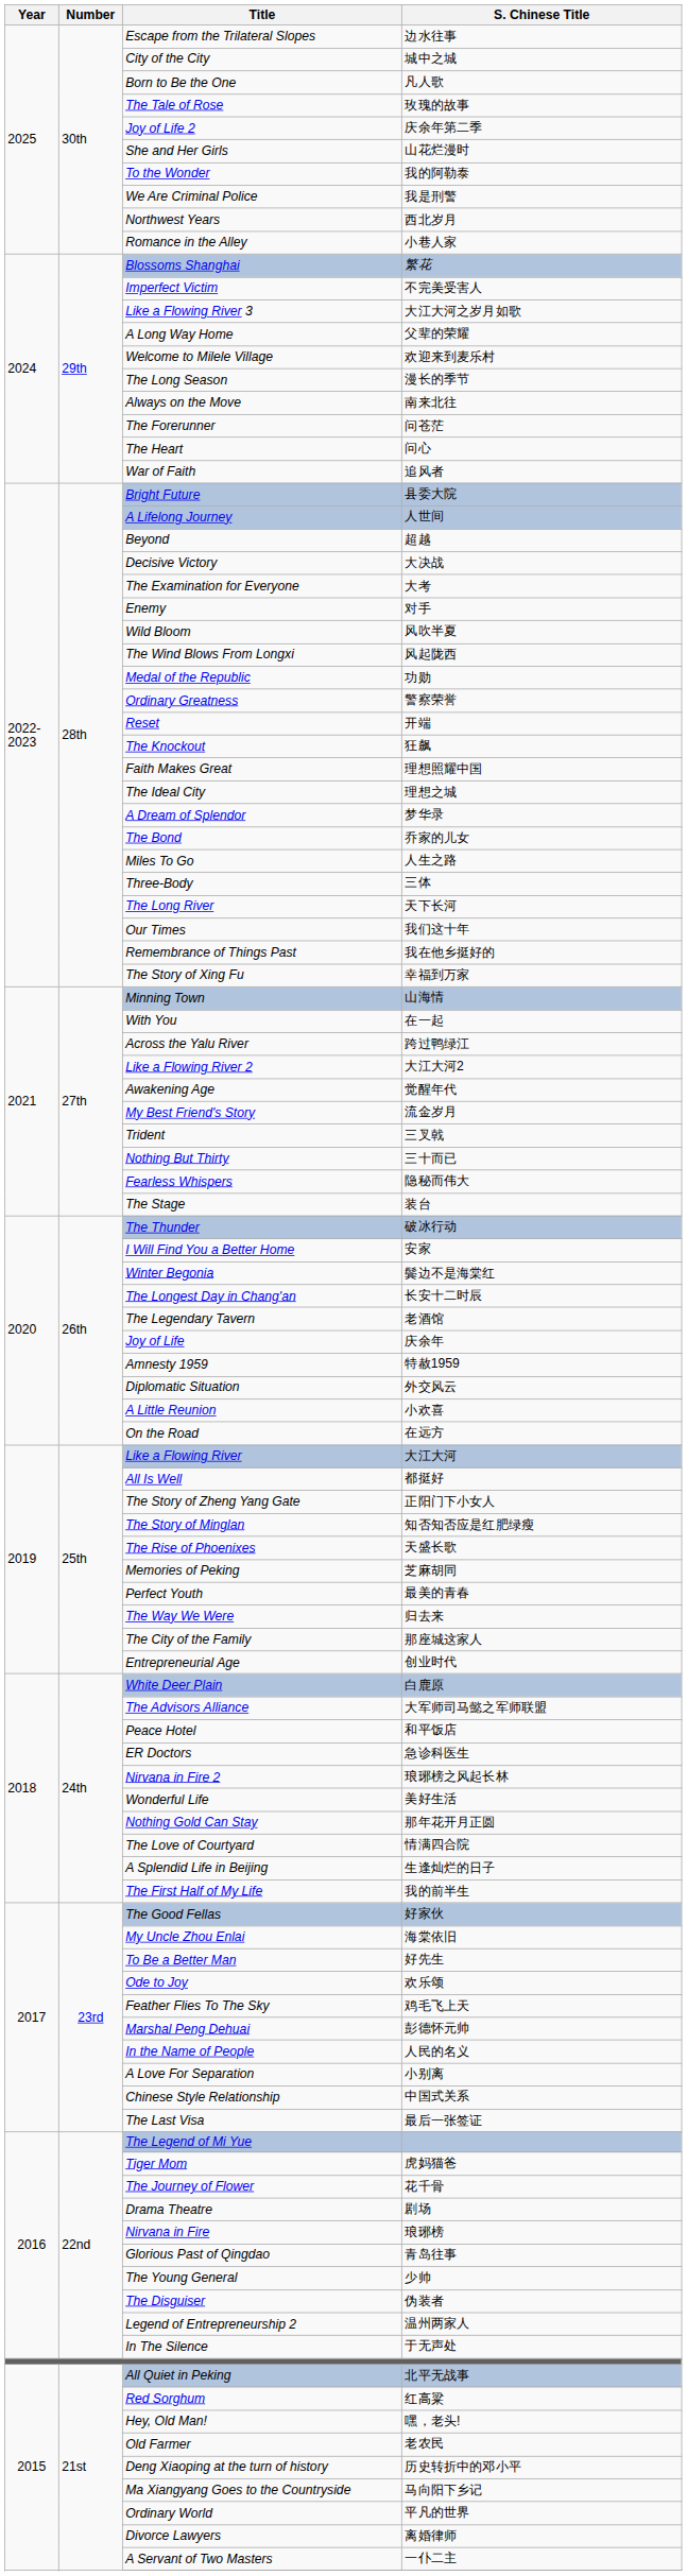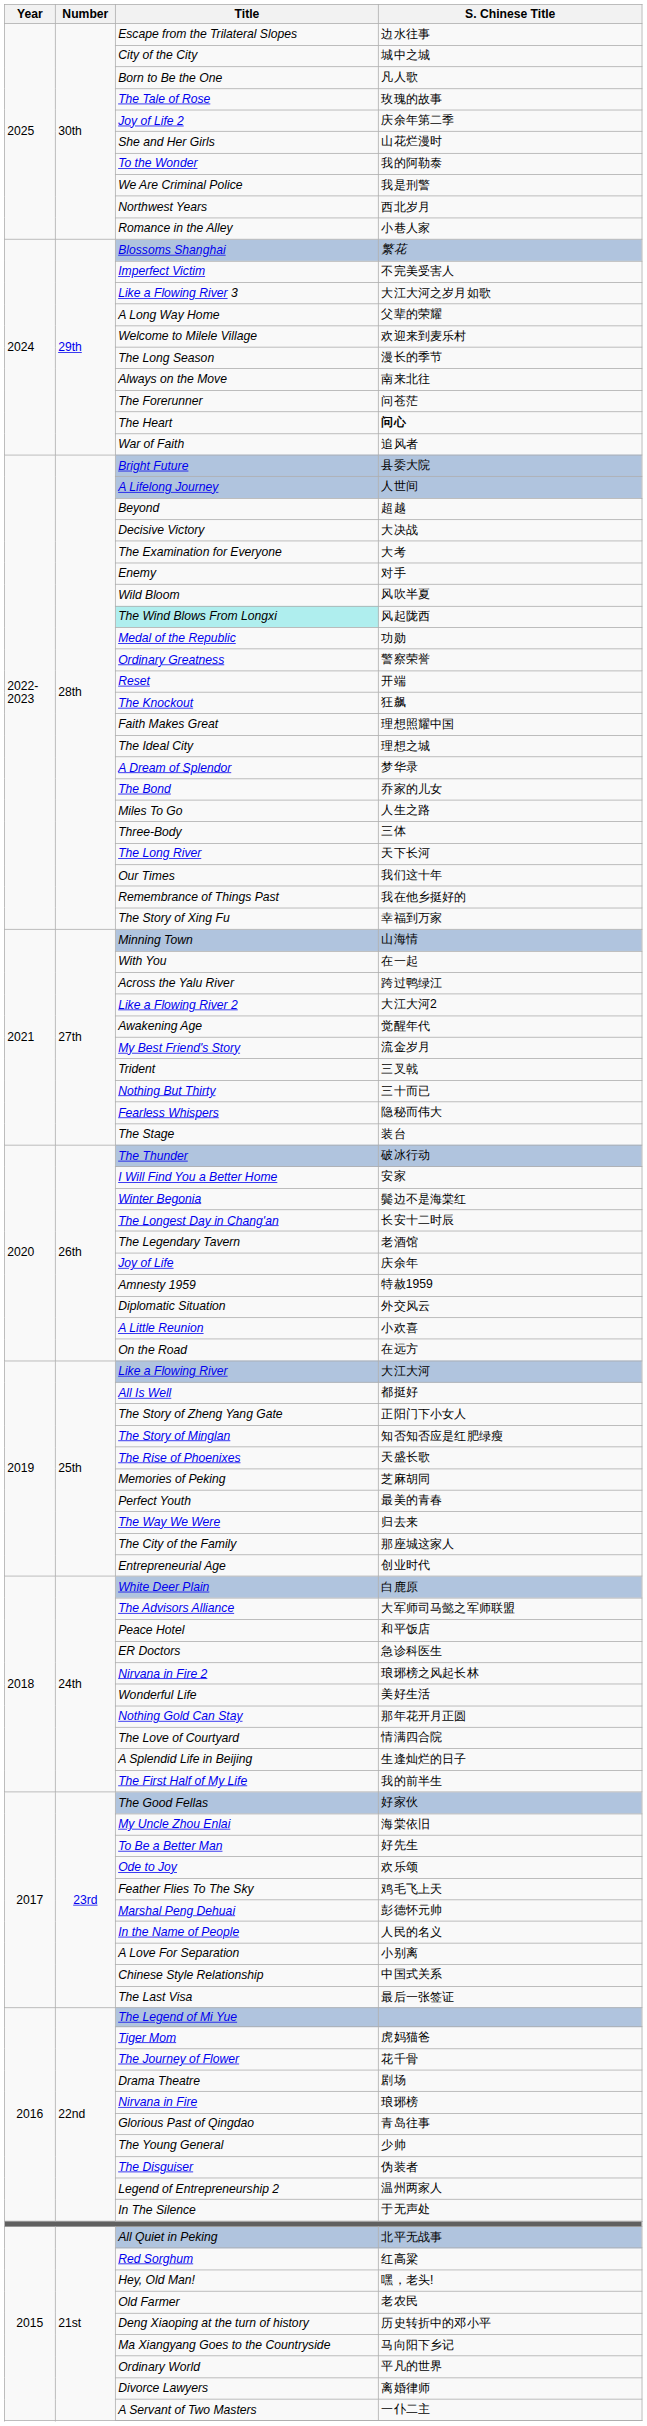 <table class="wikitable" width="95%" align="center">
 <tr>
 <th width="6%">Year</th>
 <th width="4%">Number</th>
 <th width="31%">Title</th>
 <th width="31%">S. Chinese Title</th>
 </tr>
 <tr>
 <td rowspan=10>2025</td>
 <td rowspan=10>30th</td>
 <td><em>Escape from the Trilateral Slopes</em></td>
 <td>边水往事</td>
 </tr>
 <tr>
 <td><em>City of the City</em></td>
 <td>城中之城</td>
 </tr>
 <tr>
 <td><em>Born to Be the One</em></td>
 <td>凡人歌</td>
 </tr>
 <tr>
 <td><em><a href='#'>The Tale of Rose</a></em></td>
 <td>玫瑰的故事</td>
 </tr>
 <tr>
 <td><em><a href='#'>Joy of Life 2</a></em></td>
 <td>庆余年第二季</td>
 </tr>
 <tr>
 <td><em>She and Her Girls</em></td>
 <td>山花烂漫时</td>
 </tr>
 <tr>
 <td><em><a href='#'>To the Wonder</a></em></td>
 <td>我的阿勒泰</td>
 </tr>
 <tr>
 <td><em>We Are Criminal Police</em></td>
 <td>我是刑警</td>
 </tr>
 <tr>
 <td><em>Northwest Years</em></td>
 <td>西北岁月</td>
 </tr>
 <tr>
 <td><em>Romance in the Alley</em></td>
 <td>小巷人家</td>
 </tr>
 <tr>
 <td rowspan=10>2024</td>
 <td rowspan=10><a href='#'>29th</a></td>
 <td style="background:#B0C4DE;"><em><a href='#'>Blossoms Shanghai</a></em></td>
 <td style="background:#B0C4DE;"><em>繁花</em></td>
 </tr>
 <tr>
 <td><em><a href='#'>Imperfect Victim</a></em></td>
 <td>不完美受害人</td>
 </tr>
 <tr>
 <td><em><a href='#'>Like a Flowing River</a> 3</em></td>
 <td>大江大河之岁月如歌</td>
 </tr>
 <tr>
 <td><em>A Long Way Home</em></td>
 <td>父辈的荣耀</td>
 </tr>
 <tr>
 <td><em>Welcome to Milele Village </em></td>
 <td>欢迎来到麦乐村</td>
 </tr>
 <tr>
 <td><em>The Long Season</em></td>
 <td>漫长的季节</td>
 </tr>
 <tr>
 <td><em>Always on the Move</em></td>
 <td>南来北往</td>
 </tr>
 <tr>
 <td><em>The Forerunner</em></td>
 <td>问苍茫</td>
 </tr>
 <tr>
 <td><em>The Heart</em></td>
-<td>问心</td>
+<td><strong>问心</strong></td>
 </tr>
 <tr>
 <td><em>War of Faith</em></td>
 <td>追风者</td>
 </tr>
 <tr>
 <td rowspan=22>2022-2023</td>
 <td rowspan=22>28th</td>
 <td style="background:#B0C4DE;"><em><a href='#'>Bright Future</a></em></td>
 <td style="background:#B0C4DE;">县委大院</td>
 </tr>
 <tr>
 <td style="background:#B0C4DE;"><em><a href='#'>A Lifelong Journey</a></em></td>
 <td style="background:#B0C4DE;">人世间</td>
 </tr>
 <tr>
 <td><em>Beyond</em></td>
 <td>超越</td>
 </tr>
 <tr>
 <td><em>Decisive Victory</em></td>
 <td>大决战</td>
 </tr>
 <tr>
 <td><em>The Examination for Everyone</em></td>
 <td>大考</td>
 </tr>
 <tr>
 <td><em>Enemy</em></td>
 <td>对手</td>
 </tr>
 <tr>
 <td><em>Wild Bloom</em></td>
 <td>风吹半夏</td>
 </tr>
 <tr>
-<td><em>The Wind Blows From Longxi</em></td>
+<td style="background: paleturquoise;"><em>The Wind Blows From Longxi</em></td>
 <td>风起陇西</td>
 </tr>
 <tr>
 <td><em><a href='#'>Medal of the Republic</a></em></td>
 <td>功勋</td>
 </tr>
 <tr>
 <td><em><a href='#'>Ordinary Greatness</a></em></td>
 <td>警察荣誉</td>
 </tr>
 <tr>
 <td><em><a href='#'>Reset</a></em></td>
 <td>开端</td>
 </tr>
 <tr>
 <td><em><a href='#'>The Knockout</a></em></td>
 <td>狂飙</td>
 </tr>
 <tr>
 <td><em>Faith Makes Great</em></td>
 <td>理想照耀中国</td>
 </tr>
 <tr>
 <td><em>The Ideal City</em></td>
 <td>理想之城</td>
 </tr>
 <tr>
 <td><em><a href='#'>A Dream of Splendor</a></em></td>
 <td>梦华录</td>
 </tr>
 <tr>
 <td><em><a href='#'>The Bond</a> </em></td>
 <td>乔家的儿女</td>
 </tr>
 <tr>
 <td><em>Miles To Go</em></td>
 <td>人生之路</td>
 </tr>
 <tr>
 <td><em>Three-Body</em></td>
 <td>三体</td>
 </tr>
 <tr>
 <td><em><a href='#'>The Long River</a></em></td>
 <td>天下长河</td>
 </tr>
 <tr>
 <td><em>Our Times</em></td>
 <td>我们这十年</td>
 </tr>
 <tr>
 <td><em>Remembrance of Things Past</em></td>
 <td>我在他乡挺好的</td>
 </tr>
 <tr>
 <td><em>The Story of Xing Fu</em></td>
 <td>幸福到万家</td>
 </tr>
 <tr>
 <td rowspan=10>2021</td>
 <td rowspan=10>27th</td>
 <td style="background:#B0C4DE;"><em>Minning Town</em></td>
 <td style="background:#B0C4DE;">山海情</td>
 </tr>
 <tr>
 <td><em>With You </em></td>
 <td>在一起</td>
 </tr>
 <tr>
 <td><em>Across the Yalu River</em></td>
 <td>跨过鸭绿江</td>
 </tr>
 <tr>
 <td><em><a href='#'>Like a Flowing River 2</a> </em></td>
 <td>大江大河2</td>
 </tr>
 <tr>
 <td><em>Awakening Age</em></td>
 <td>觉醒年代</td>
 </tr>
 <tr>
 <td><em><a href='#'>My Best Friend's Story</a></em></td>
 <td>流金岁月</td>
 </tr>
 <tr>
 <td><em>Trident	</em></td>
 <td>三叉戟</td>
 </tr>
 <tr>
 <td><em><a href='#'>Nothing But Thirty</a></em></td>
 <td>三十而已</td>
 </tr>
 <tr>
 <td><em><a href='#'>Fearless Whispers</a></em></td>
 <td>隐秘而伟大</td>
 </tr>
 <tr>
 <td><em>The Stage</em></td>
 <td>装台</td>
 </tr>
 <tr>
 <td rowspan=10>2020</td>
 <td rowspan=10>26th</td>
 <td style="background:#B0C4DE;"><em><a href='#'>The Thunder</a></em></td>
 <td style="background:#B0C4DE;">破冰行动</td>
 </tr>
 <tr>
 <td><em><a href='#'>I Will Find You a Better Home </a></em></td>
 <td>安家</td>
 </tr>
 <tr>
 <td><em><a href='#'>Winter Begonia</a></em></td>
 <td>鬓边不是海棠红</td>
 </tr>
 <tr>
 <td><em><a href='#'>The Longest Day in Chang'an  </a></em></td>
 <td>长安十二时辰</td>
 </tr>
 <tr>
 <td><em>The Legendary Tavern</em></td>
 <td>老酒馆</td>
 </tr>
 <tr>
 <td><em><a href='#'> Joy of Life</a></em></td>
 <td>庆余年</td>
 </tr>
 <tr>
 <td><em>Amnesty 1959</em></td>
 <td>特赦1959</td>
 </tr>
 <tr>
 <td><em>Diplomatic Situation</em></td>
 <td>外交风云</td>
 </tr>
 <tr>
 <td><em><a href='#'>A Little Reunion </a></em></td>
 <td>小欢喜</td>
 </tr>
 <tr>
 <td><em>On the Road</em></td>
 <td>在远方</td>
 </tr>
 <tr>
 <td rowspan=10>2019</td>
 <td rowspan=10>25th</td>
 <td style="background:#B0C4DE;"><em><a href='#'>Like a Flowing River</a></em></td>
 <td style="background:#B0C4DE;">大江大河</td>
 </tr>
 <tr>
 <td><em><a href='#'>All Is Well</a></em></td>
 <td>都挺好</td>
 </tr>
 <tr>
 <td><em>The Story of Zheng Yang Gate</em></td>
 <td>正阳门下小女人</td>
 </tr>
 <tr>
 <td><em><a href='#'>The Story of Minglan</a></em></td>
 <td>知否知否应是红肥绿瘦</td>
 </tr>
 <tr>
 <td><em><a href='#'>The Rise of Phoenixes</a></em></td>
 <td>天盛长歌</td>
 </tr>
 <tr>
 <td><em>Memories of Peking</em></td>
 <td>芝麻胡同</td>
 </tr>
 <tr>
 <td><em>Perfect Youth</em></td>
 <td>最美的青春</td>
 </tr>
 <tr>
 <td><em><a href='#'>The Way We Were</a></em></td>
 <td>归去来</td>
 </tr>
 <tr>
 <td><em>The City of the Family</em></td>
 <td>那座城这家人</td>
 </tr>
 <tr>
 <td><em>Entrepreneurial Age</em></td>
 <td>创业时代</td>
 </tr>
 <tr>
 <td rowspan=10>2018</td>
 <td rowspan=10>24th</td>
 <td style="background:#B0C4DE;"><em><a href='#'>White Deer Plain</a></em></td>
 <td style="background:#B0C4DE;">白鹿原</td>
 </tr>
 <tr>
 <td><em><a href='#'>The Advisors Alliance</a></em></td>
 <td>大军师司马懿之军师联盟</td>
 </tr>
 <tr>
 <td><em>Peace Hotel</em></td>
 <td>和平饭店</td>
 </tr>
 <tr>
 <td><em>ER Doctors</em></td>
 <td>急诊科医生</td>
 </tr>
 <tr>
 <td><em><a href='#'>Nirvana in Fire 2</a></em></td>
 <td>琅琊榜之风起长林</td>
 </tr>
 <tr>
 <td><em>Wonderful Life</em></td>
 <td>美好生活</td>
 </tr>
 <tr>
 <td><em><a href='#'>Nothing Gold Can Stay</a></em></td>
 <td>那年花开月正圆</td>
 </tr>
 <tr>
 <td><em>The Love of Courtyard</em></td>
 <td>情满四合院</td>
 </tr>
 <tr>
 <td><em>A Splendid Life in Beijing</em></td>
 <td>生逢灿烂的日子</td>
 </tr>
 <tr>
 <td><em><a href='#'>The First Half of My Life</a></em></td>
 <td>我的前半生</td>
 </tr>
 <tr>
 <td rowspan=10 style="text-align:center;">2017</td>
 <td rowspan=10 style="text-align:center;"><a href='#'>23rd</a></td>
 <td style="background:#B0C4DE;"><em>The Good Fellas</em></td>
 <td style="background:#B0C4DE;">好家伙</td>
 </tr>
 <tr>
 <td><em><a href='#'>My Uncle Zhou Enlai</a></em></td>
 <td>海棠依旧</td>
 </tr>
 <tr>
 <td><em><a href='#'>To Be a Better Man</a></em></td>
 <td>好先生</td>
 </tr>
 <tr>
 <td><em><a href='#'>Ode to Joy</a></em></td>
 <td>欢乐颂</td>
 </tr>
 <tr>
 <td><em>Feather Flies To The Sky</em></td>
 <td>鸡毛飞上天</td>
 </tr>
 <tr>
 <td><em><a href='#'>Marshal Peng Dehuai</a></em></td>
 <td>彭德怀元帅</td>
 </tr>
 <tr>
 <td><em><a href='#'>In the Name of People</a></em></td>
 <td>人民的名义</td>
 </tr>
 <tr>
 <td><em>A Love For Separation</em></td>
 <td>小别离</td>
 </tr>
 <tr>
 <td><em>Chinese Style Relationship</em></td>
 <td>中国式关系</td>
 </tr>
 <tr>
 <td><em>The Last Visa</em></td>
 <td>最后一张签证</td>
 </tr>
 <tr>
 <td rowspan="11" style="text-align:center;">2016</td>
 <td rowspan="11">22nd</td>
 <td style="background:#B0C4DE;"><em><a href='#'>The Legend of Mi Yue</a></em></td>
 <td style="background:#B0C4DE;"></td>
 </tr>
 <tr>
 <td><em><a href='#'>Tiger Mom</a></em></td>
 <td>虎妈猫爸</td>
 </tr>
 <tr>
 <td><em><a href='#'>The Journey of Flower</a></em></td>
 <td>花千骨</td>
 </tr>
 <tr>
 <td><em>Drama Theatre</em></td>
 <td>剧场</td>
 </tr>
 <tr>
 <td><em><a href='#'>Nirvana in Fire</a></em></td>
 <td>琅琊榜</td>
 </tr>
 <tr>
 <td><em>Glorious Past of Qingdao</em></td>
 <td>青岛往事</td>
 </tr>
 <tr>
 <td><em>The Young General</em></td>
 <td>少帅</td>
 </tr>
 <tr>
 <td><em><a href='#'>The Disguiser</a></em></td>
 <td>伪装者</td>
 </tr>
 <tr>
 <td><em>Legend of Entrepreneurship 2</em></td>
 <td>温州两家人</td>
 </tr>
 <tr>
 <td><em>In The Silence</em></td>
 <td>于无声处</td>
 </tr>
 <tr>
 </tr>
 <tr style = "background:#606060; height: 2pt">
 <td colspan = "4"></td>
 </tr>
 <tr>
 <td rowspan="11" style="text-align:center;">2015</td>
 <td rowspan="11">21st</td>
 <td style="background:#B0C4DE;"><em>All Quiet in Peking</em></td>
 <td style="background:#B0C4DE;">北平无战事</td>
 </tr>
 <tr>
 <td><em><a href='#'>Red Sorghum</a></em></td>
 <td>红高粱</td>
 </tr>
 <tr>
 <td><em>Hey, Old Man!</em></td>
 <td>嘿，老头!</td>
 </tr>
 <tr>
 <td><em>Old Farmer</em></td>
 <td>老农民</td>
 </tr>
 <tr>
 <td><em>Deng Xiaoping at the turn of history</em></td>
 <td>历史转折中的邓小平</td>
 </tr>
 <tr>
 <td><em>Ma Xiangyang Goes to the Countryside</em></td>
 <td>马向阳下乡记</td>
 </tr>
 <tr>
 <td><em>Ordinary World</em></td>
 <td>平凡的世界</td>
 </tr>
 <tr>
 <td><em>Divorce Lawyers</em></td>
 <td>离婚律师</td>
 </tr>
 <tr>
 <td><em>A Servant of Two Masters</em></td>
 <td>一仆二主</td>
 </tr>
 <tr>
 </tr>
 </table>
